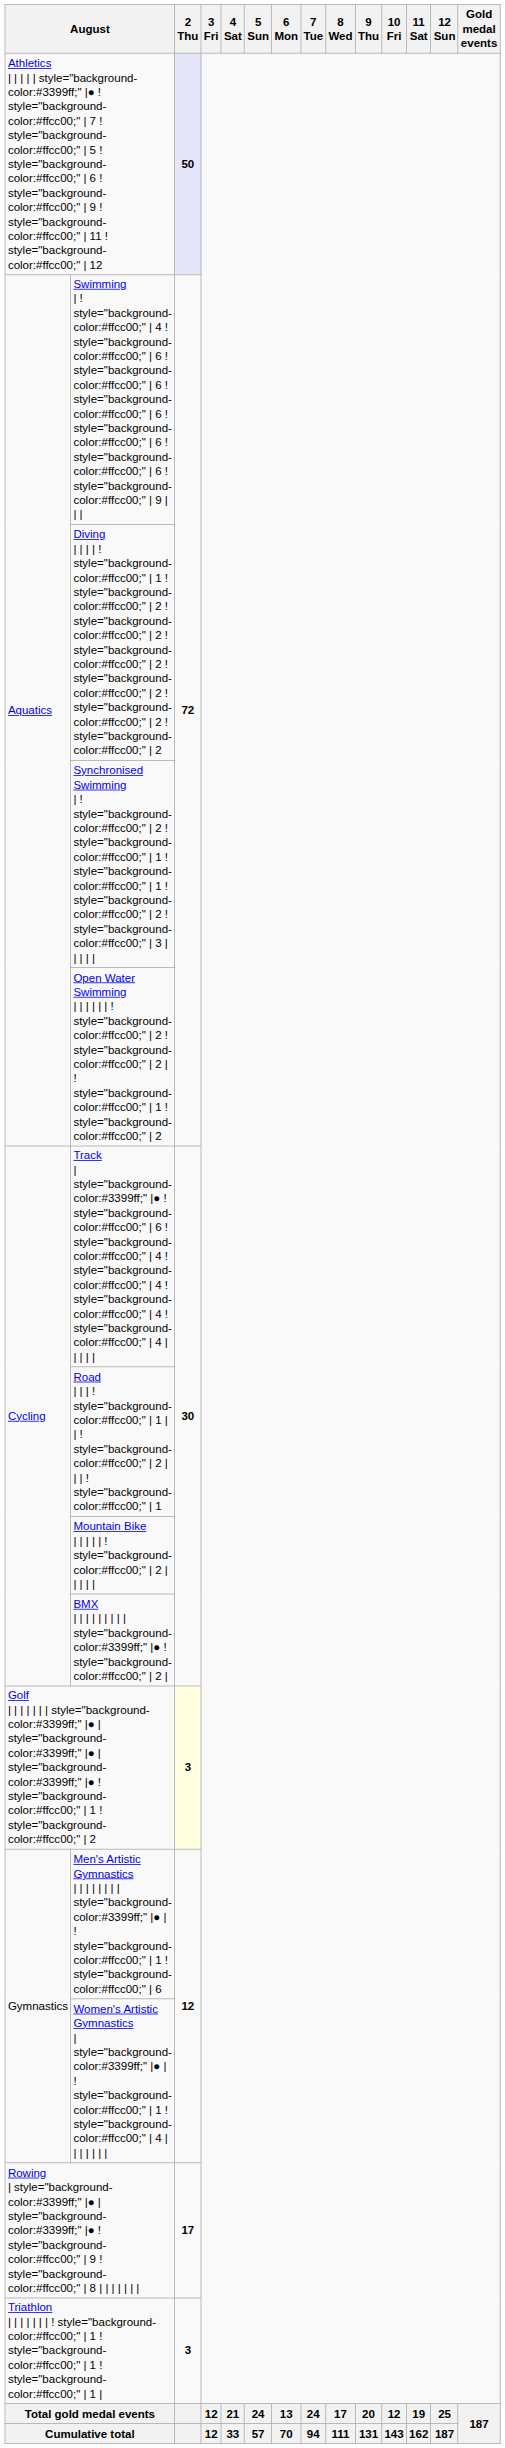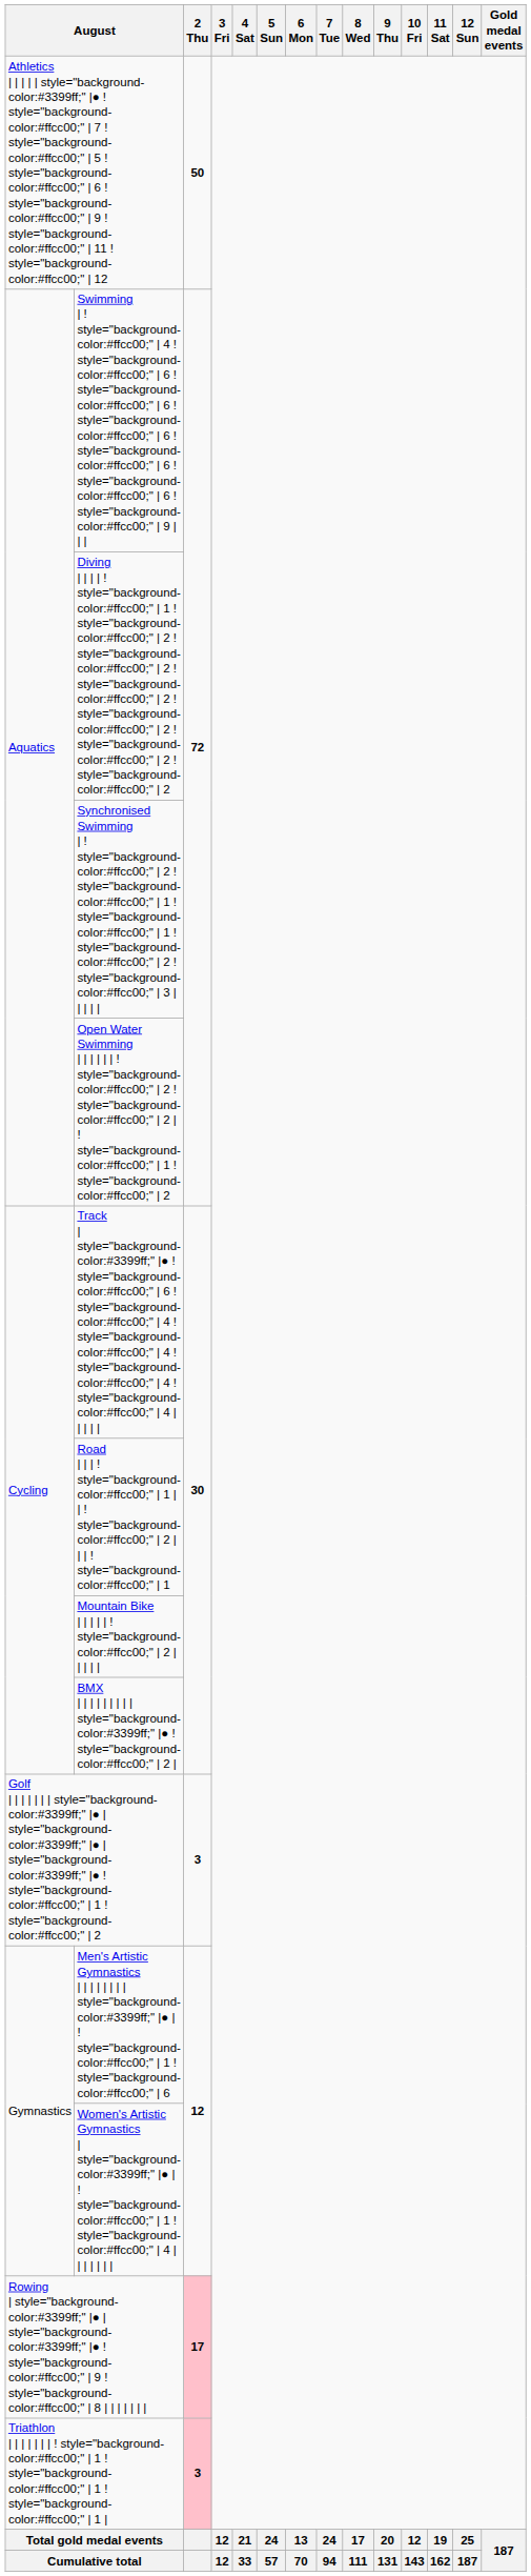 <table class=wikitable style="margin:0.5em auto; font-size:90%; line-height:1.25em;width:75%;">
 <tr>
 <th style=width:18%; colspan=2>August</th>
 <th style=width:4%;>2<br>Thu</th>
 <th style=width:4%;>3<br>Fri</th>
 <th style=width:4%;>4<br>Sat</th>
 <th style=width:4%;>5<br>Sun</th>
 <th style=width:4%;>6<br>Mon</th>
 <th style=width:4%;>7<br>Tue</th>
 <th style=width:4%;>8<br>Wed</th>
 <th style=width:4%;>9<br>Thu</th>
 <th style=width:4%;>10<br>Fri</th>
 <th style=width:4%;>11<br>Sat</th>
 <th style=width:4%;>12<br>Sun</th>
 <th style=width:6%;>Gold medal events</th>
 </tr>
 <tr style="text-align:center;">
 <td style="text-align:left;" colspan=2> <a href='#'>Athletics</a><br>| | | | | style="background-color:#3399ff;" |● ! style="background-color:#ffcc00;" | 7 ! style="background-color:#ffcc00;" | 5 ! style="background-color:#ffcc00;" | 6 ! style="background-color:#ffcc00;" | 9 ! style="background-color:#ffcc00;" | 11 ! style="background-color:#ffcc00;" | 12</td>
-<td style="background: lavender;"><strong>50</strong></td>
+<td><strong>50</strong></td>
 </tr>
 <tr style="text-align:center;">
 <td style="text-align:left;" rowspan="4"><a href='#'>Aquatics</a></td>
 <td style="text-align:left;"> <a href='#'>Swimming</a><br>| ! style="background-color:#ffcc00;" | 4 ! style="background-color:#ffcc00;" | 6 ! style="background-color:#ffcc00;" | 6 ! style="background-color:#ffcc00;" | 6 ! style="background-color:#ffcc00;" | 6 ! style="background-color:#ffcc00;" | 6 ! style="background-color:#ffcc00;" | 9 |  |  |</td>
 <td rowspan=4><strong>72</strong></td>
 </tr>
 <tr style="text-align:center;">
 <td style="text-align:left;"> <a href='#'>Diving</a><br>| | | | ! style="background-color:#ffcc00;" | 1 ! style="background-color:#ffcc00;" | 2 ! style="background-color:#ffcc00;" | 2 ! style="background-color:#ffcc00;" | 2 ! style="background-color:#ffcc00;" | 2 ! style="background-color:#ffcc00;" | 2 ! style="background-color:#ffcc00;" | 2</td>
 </tr>
 <tr style="text-align:center;">
 <td style="text-align:left;"> <a href='#'>Synchronised Swimming</a><br>| ! style="background-color:#ffcc00;" | 2 ! style="background-color:#ffcc00;" | 1 ! style="background-color:#ffcc00;" | 1 ! style="background-color:#ffcc00;" | 2 ! style="background-color:#ffcc00;" | 3 | | | | |</td>
 </tr>
 <tr style="text-align:center;">
 <td style="text-align:left;"> <a href='#'>Open Water Swimming</a><br>| |  |  |  |  |  ! style="background-color:#ffcc00;" | 2 ! style="background-color:#ffcc00;" | 2 |  ! style="background-color:#ffcc00;" | 1 ! style="background-color:#ffcc00;" | 2</td>
 </tr>
 <tr style="text-align:center;">
 <td style="text-align:left;" rowspan="4"><a href='#'>Cycling</a></td>
 <td style="text-align:left;"> <a href='#'>Track</a><br>| style="background-color:#3399ff;" |● ! style="background-color:#ffcc00;" | 6 ! style="background-color:#ffcc00;" | 4 ! style="background-color:#ffcc00;" | 4 ! style="background-color:#ffcc00;" | 4 ! style="background-color:#ffcc00;" | 4 | | | |  |</td>
 <td rowspan=4><strong>30</strong></td>
 </tr>
 <tr style="text-align:center;">
 <td style="text-align:left;"> <a href='#'>Road</a><br>|  | | ! style="background-color:#ffcc00;" | 1 |  |  ! style="background-color:#ffcc00;" | 2 | | | ! style="background-color:#ffcc00;" | 1</td>
 </tr>
 <tr style="text-align:center;">
 <td style="text-align:left;"> <a href='#'>Mountain Bike</a><br>| | | | | ! style="background-color:#ffcc00;" | 2 | | | | |</td>
 </tr>
 <tr style="text-align:center;">
 <td style="text-align:left;"> <a href='#'>BMX</a><br>| | | | | | | | | style="background-color:#3399ff;" |● ! style="background-color:#ffcc00;" | 2 |</td>
 </tr>
 <tr style="text-align:center;">
 <td style="text-align:left;" colspan=2> <a href='#'>Golf</a><br>| | | | | | | style="background-color:#3399ff;" |● | style="background-color:#3399ff;" |● | style="background-color:#3399ff;" |● ! style="background-color:#ffcc00;" | 1 ! style="background-color:#ffcc00;" | 2</td>
-<td style="background: lightyellow;"><strong>3</strong></td>
+<td><strong>3</strong></td>
 </tr>
 <tr style="text-align:center;">
 <td style="text-align:left;" rowspan="2">Gymnastics</td>
 <td style="text-align:left;"> <a href='#'>Men's Artistic Gymnastics</a><br>|  | |  |  |  | |  | style="background-color:#3399ff;" |● |  ! style="background-color:#ffcc00;" | 1 ! style="background-color:#ffcc00;" | 6</td>
 <td rowspan=2><strong>12</strong></td>
 </tr>
 <tr style="text-align:center;">
 <td style="text-align:left;"> <a href='#'>Women's Artistic Gymnastics</a><br>| style="background-color:#3399ff;" |● | ! style="background-color:#ffcc00;" | 1 ! style="background-color:#ffcc00;" | 4 |  | |  | |  | |</td>
 </tr>
 <tr style="text-align:center;">
 <td style="text-align:left;" colspan=2> <a href='#'>Rowing</a><br>| style="background-color:#3399ff;" |● | style="background-color:#3399ff;" |● ! style="background-color:#ffcc00;" | 9 ! style="background-color:#ffcc00;" | 8 |  |  |  | |  | |</td>
-<td><strong>17</strong></td>
+<td style="background: pink;"><strong>17</strong></td>
 </tr>
 <tr style="text-align:center;">
 <td style="text-align:left;" colspan=2> <a href='#'>Triathlon</a><br>| | | | | | | ! style="background-color:#ffcc00;" | 1 ! style="background-color:#ffcc00;" | 1 ! style="background-color:#ffcc00;" | 1 |</td>
-<td><strong>3</strong></td>
+<td style="background: pink;"><strong>3</strong></td>
 </tr>
 <tr>
 <th colspan=2>Total gold medal events</th>
 <th></th>
 <th>12</th>
 <th>21</th>
 <th>24</th>
 <th>13</th>
 <th>24</th>
 <th>17</th>
 <th>20</th>
 <th>12</th>
 <th>19</th>
 <th>25</th>
 <th rowspan=2>187</th>
 </tr>
 <tr>
 <th colspan=2>Cumulative total</th>
 <th></th>
 <th>12</th>
 <th>33</th>
 <th>57</th>
 <th>70</th>
 <th>94</th>
 <th>111</th>
 <th>131</th>
 <th>143</th>
 <th>162</th>
 <th>187</th>
 </tr>
 </table>
